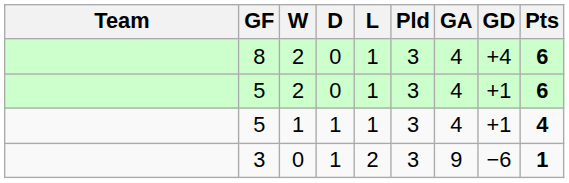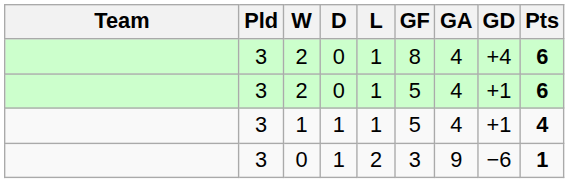 <table class="wikitable" style="text-align: center;">
 <tr>
 <th width=165>Team</th>
-<th width=20>GF</th>
+<th width=20>Pld</th>
 <th width=20>W</th>
 <th width=20>D</th>
 <th width=20>L</th>
-<th width=20>Pld</th>
+<th width=20>GF</th>
 <th width=20>GA</th>
 <th width=20>GD</th>
 <th width=20>Pts</th>
 </tr>
 <tr bgcolor=ccffcc>
 <td style="text-align:left;"></td>
-<td>8</td>
+<td>3</td>
 <td>2</td>
 <td>0</td>
 <td>1</td>
-<td>3</td>
+<td>8</td>
 <td>4</td>
 <td>+4</td>
 <td><strong>6</strong></td>
 </tr>
 <tr bgcolor=ccffcc>
 <td style="text-align:left;"></td>
-<td>5</td>
+<td>3</td>
 <td>2</td>
 <td>0</td>
 <td>1</td>
-<td>3</td>
+<td>5</td>
 <td>4</td>
 <td>+1</td>
 <td><strong>6</strong></td>
 </tr>
 <tr>
 <td style="text-align:left;"></td>
-<td>5</td>
+<td>3</td>
 <td>1</td>
 <td>1</td>
 <td>1</td>
-<td>3</td>
+<td>5</td>
 <td>4</td>
 <td>+1</td>
 <td><strong>4</strong></td>
 </tr>
 <tr>
 <td style="text-align:left;"></td>
 <td>3</td>
 <td>0</td>
 <td>1</td>
 <td>2</td>
 <td>3</td>
 <td>9</td>
 <td>−6</td>
 <td><strong>1</strong></td>
 </tr>
 </table>
